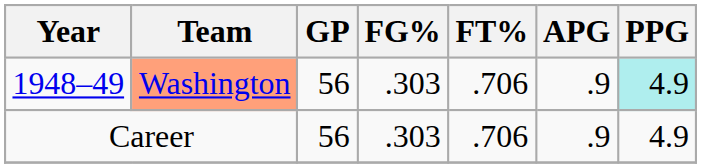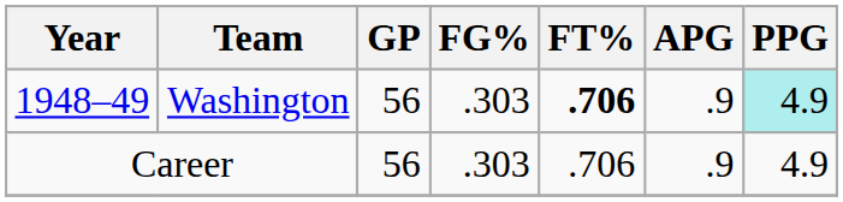 <table class="wikitable sortable" style="font-size:95%; text-align:right;">
 <tr>
 <th>Year</th>
 <th>Team</th>
 <th>GP</th>
 <th>FG%</th>
 <th>FT%</th>
 <th>APG</th>
 <th>PPG</th>
 </tr>
 <tr>
 <td style="text-align:left;"><a href='#'>1948–49</a></td>
-<td style="background: lightsalmon; text-align:left;"><a href='#'>Washington</a></td>
+<td style="text-align:left;"><a href='#'>Washington</a></td>
 <td>56</td>
 <td>.303</td>
-<td>.706</td>
+<td><strong>.706</strong></td>
 <td>.9</td>
 <td style="background: paleturquoise;">4.9</td>
 </tr>
 <tr>
 <td style="text-align:center;" colspan="2">Career</td>
 <td>56</td>
 <td>.303</td>
 <td>.706</td>
 <td>.9</td>
 <td>4.9</td>
 </tr>
 <tr>
 </tr>
 </table>
